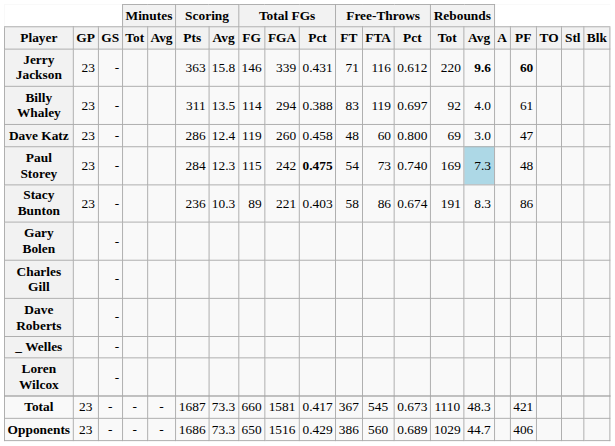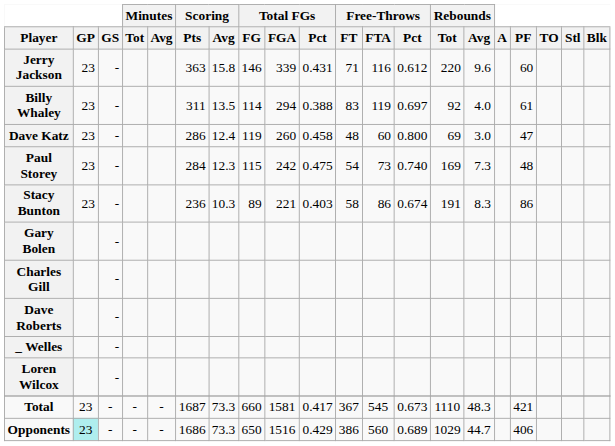 <table class="wikitable sortable" border="1" style="font-size:90%;">
 <tr>
 <th colspan="3" style="border-top-style:hidden; border-left-style:hidden; background: white;"></th>
 <th colspan="2" style=>Minutes</th>
 <th colspan="2" style=>Scoring</th>
 <th colspan="3" style=>Total FGs</th>
 <th colspan="3" style=>Free-Throws</th>
 <th colspan="2" style=>Rebounds</th>
 <th colspan="5" style="border-top-style:hidden; border-right-style:hidden; background: white;"></th>
 </tr>
 <tr>
 <th scope="col" style=>Player</th>
 <th scope="col" style=>GP</th>
 <th scope="col" style=>GS</th>
 <th scope="col" style=>Tot</th>
 <th scope="col" style=>Avg</th>
 <th scope="col" style=>Pts</th>
 <th scope="col" style=>Avg</th>
 <th scope="col" style=>FG</th>
 <th scope="col" style=>FGA</th>
 <th scope="col" style=>Pct</th>
 <th scope="col" style=>FT</th>
 <th scope="col" style=>FTA</th>
 <th scope="col" style=>Pct</th>
 <th scope="col" style=>Tot</th>
 <th scope="col" style=>Avg</th>
 <th scope="col" style=>A</th>
 <th scope="col" style=>PF</th>
 <th scope="col" style=>TO</th>
 <th scope="col" style=>Stl</th>
 <th scope="col" style=>Blk</th>
 </tr>
 <tr>
 <th>Jerry Jackson</th>
 <td align="right">23</td>
 <td align="right">-</td>
 <td align="right"></td>
 <td align="right"></td>
 <td align="right">363</td>
 <td align="right">15.8</td>
 <td align="right">146</td>
 <td align="right">339</td>
 <td align="right">0.431</td>
 <td align="right">71</td>
 <td align="right">116</td>
 <td align="right">0.612</td>
 <td align="right">220</td>
-<td align="right"><strong>9.6</strong></td>
+<td align="right">9.6</td>
 <td align="right"></td>
-<td align="right"><strong>60</strong></td>
+<td align="right">60</td>
 <td align="right"></td>
 <td align="right"></td>
 <td align="right"></td>
 </tr>
 <tr>
 <th>Billy Whaley</th>
 <td align="right">23</td>
 <td align="right">-</td>
 <td align="right"></td>
 <td align="right"></td>
 <td align="right">311</td>
 <td align="right">13.5</td>
 <td align="right">114</td>
 <td align="right">294</td>
 <td align="right">0.388</td>
 <td align="right">83</td>
 <td align="right">119</td>
 <td align="right">0.697</td>
 <td align="right">92</td>
 <td align="right">4.0</td>
 <td align="right"></td>
 <td align="right">61</td>
 <td align="right"></td>
 <td align="right"></td>
 <td align="right"></td>
 </tr>
 <tr>
 <th>Dave Katz</th>
 <td align="right">23</td>
 <td align="right">-</td>
 <td align="right"></td>
 <td align="right"></td>
 <td align="right">286</td>
 <td align="right">12.4</td>
 <td align="right">119</td>
 <td align="right">260</td>
 <td align="right">0.458</td>
 <td align="right">48</td>
 <td align="right">60</td>
 <td align="right">0.800</td>
 <td align="right">69</td>
 <td align="right">3.0</td>
 <td align="right"></td>
 <td align="right">47</td>
 <td align="right"></td>
 <td align="right"></td>
 <td align="right"></td>
 </tr>
 <tr>
 <th>Paul Storey</th>
 <td align="right">23</td>
 <td align="right">-</td>
 <td align="right"></td>
 <td align="right"></td>
 <td align="right">284</td>
 <td align="right">12.3</td>
 <td align="right">115</td>
 <td align="right">242</td>
-<td align="right"><strong>0.475</strong></td>
+<td align="right">0.475</td>
 <td align="right">54</td>
 <td align="right">73</td>
 <td align="right">0.740</td>
 <td align="right">169</td>
-<td align="right" style="background: lightblue;">7.3</td>
+<td align="right">7.3</td>
 <td align="right"></td>
 <td align="right">48</td>
 <td align="right"></td>
 <td align="right"></td>
 <td align="right"></td>
 </tr>
 <tr>
 <th>Stacy Bunton</th>
 <td align="right">23</td>
 <td align="right">-</td>
 <td align="right"></td>
 <td align="right"></td>
 <td align="right">236</td>
 <td align="right">10.3</td>
 <td align="right">89</td>
 <td align="right">221</td>
 <td align="right">0.403</td>
 <td align="right">58</td>
 <td align="right">86</td>
 <td align="right">0.674</td>
 <td align="right">191</td>
 <td align="right">8.3</td>
 <td align="right"></td>
 <td align="right">86</td>
 <td align="right"></td>
 <td align="right"></td>
 <td align="right"></td>
 </tr>
 <tr>
 <th>Gary Bolen</th>
 <td align="right"></td>
 <td align="right">-</td>
 <td align="right"></td>
 <td align="right"></td>
 <td align="right"></td>
 <td align="right"></td>
 <td align="right"></td>
 <td align="right"></td>
 <td align="right"></td>
 <td align="right"></td>
 <td align="right"></td>
 <td align="right"></td>
 <td align="right"></td>
 <td align="right"></td>
 <td align="right"></td>
 <td align="right"></td>
 <td align="right"></td>
 <td align="right"></td>
 <td align="right"></td>
 </tr>
 <tr>
 <th>Charles Gill</th>
 <td align="right"></td>
 <td align="right">-</td>
 <td align="right"></td>
 <td align="right"></td>
 <td align="right"></td>
 <td align="right"></td>
 <td align="right"></td>
 <td align="right"></td>
 <td align="right"></td>
 <td align="right"></td>
 <td align="right"></td>
 <td align="right"></td>
 <td align="right"></td>
 <td align="right"></td>
 <td align="right"></td>
 <td align="right"></td>
 <td align="right"></td>
 <td align="right"></td>
 <td align="right"></td>
 </tr>
 <tr>
 <th>Dave Roberts</th>
 <td align="right"></td>
 <td align="right">-</td>
 <td align="right"></td>
 <td align="right"></td>
 <td align="right"></td>
 <td align="right"></td>
 <td align="right"></td>
 <td align="right"></td>
 <td align="right"></td>
 <td align="right"></td>
 <td align="right"></td>
 <td align="right"></td>
 <td align="right"></td>
 <td align="right"></td>
 <td align="right"></td>
 <td align="right"></td>
 <td align="right"></td>
 <td align="right"></td>
 <td align="right"></td>
 </tr>
 <tr>
 <th>_ Welles</th>
 <td align="right"></td>
 <td align="right">-</td>
 <td align="right"></td>
 <td align="right"></td>
 <td align="right"></td>
 <td align="right"></td>
 <td align="right"></td>
 <td align="right"></td>
 <td align="right"></td>
 <td align="right"></td>
 <td align="right"></td>
 <td align="right"></td>
 <td align="right"></td>
 <td align="right"></td>
 <td align="right"></td>
 <td align="right"></td>
 <td align="right"></td>
 <td align="right"></td>
 <td align="right"></td>
 </tr>
 <tr>
 <th>Loren Wilcox</th>
 <td align="right"></td>
 <td align="right">-</td>
 <td align="right"></td>
 <td align="right"></td>
 <td align="right"></td>
 <td align="right"></td>
 <td align="right"></td>
 <td align="right"></td>
 <td align="right"></td>
 <td align="right"></td>
 <td align="right"></td>
 <td align="right"></td>
 <td align="right"></td>
 <td align="right"></td>
 <td align="right"></td>
 <td align="right"></td>
 <td align="right"></td>
 <td align="right"></td>
 <td align="right"></td>
 </tr>
 <tr>
 </tr>
 <tr class="sortbottom">
 <td align="center" style=><strong>Total</strong></td>
 <td align="center" style=>23</td>
 <td align="center" style=>-</td>
 <td align="center" style=>-</td>
 <td align="center" style=>-</td>
 <td align="center" style=>1687</td>
 <td align="center" style=>73.3</td>
 <td align="center" style=>660</td>
 <td align="center" style=>1581</td>
 <td align="center" style=>0.417</td>
 <td align="center" style=>367</td>
 <td align="center" style=>545</td>
 <td align="center" style=>0.673</td>
 <td align="center" style=>1110</td>
 <td align="center" style=>48.3</td>
 <td align="center" style=></td>
 <td align="center" style=>421</td>
 <td align="center" style=></td>
 <td align="center" style=></td>
 <td align="center" style=></td>
 </tr>
 <tr class="sortbottom">
 <td align="center"><strong>Opponents</strong></td>
-<td align="center">23</td>
+<td align="center" style="background: paleturquoise;">23</td>
 <td align="center">-</td>
 <td align="center">-</td>
 <td align="center">-</td>
 <td align="center">1686</td>
 <td align="center">73.3</td>
 <td align="center">650</td>
 <td align="center">1516</td>
 <td align="center">0.429</td>
 <td align="center">386</td>
 <td align="center">560</td>
 <td align="center">0.689</td>
 <td align="center">1029</td>
 <td align="center">44.7</td>
 <td align="center"></td>
 <td align="center">406</td>
 <td align="center"></td>
 <td align="center"></td>
 <td align="center"></td>
 </tr>
 </table>
